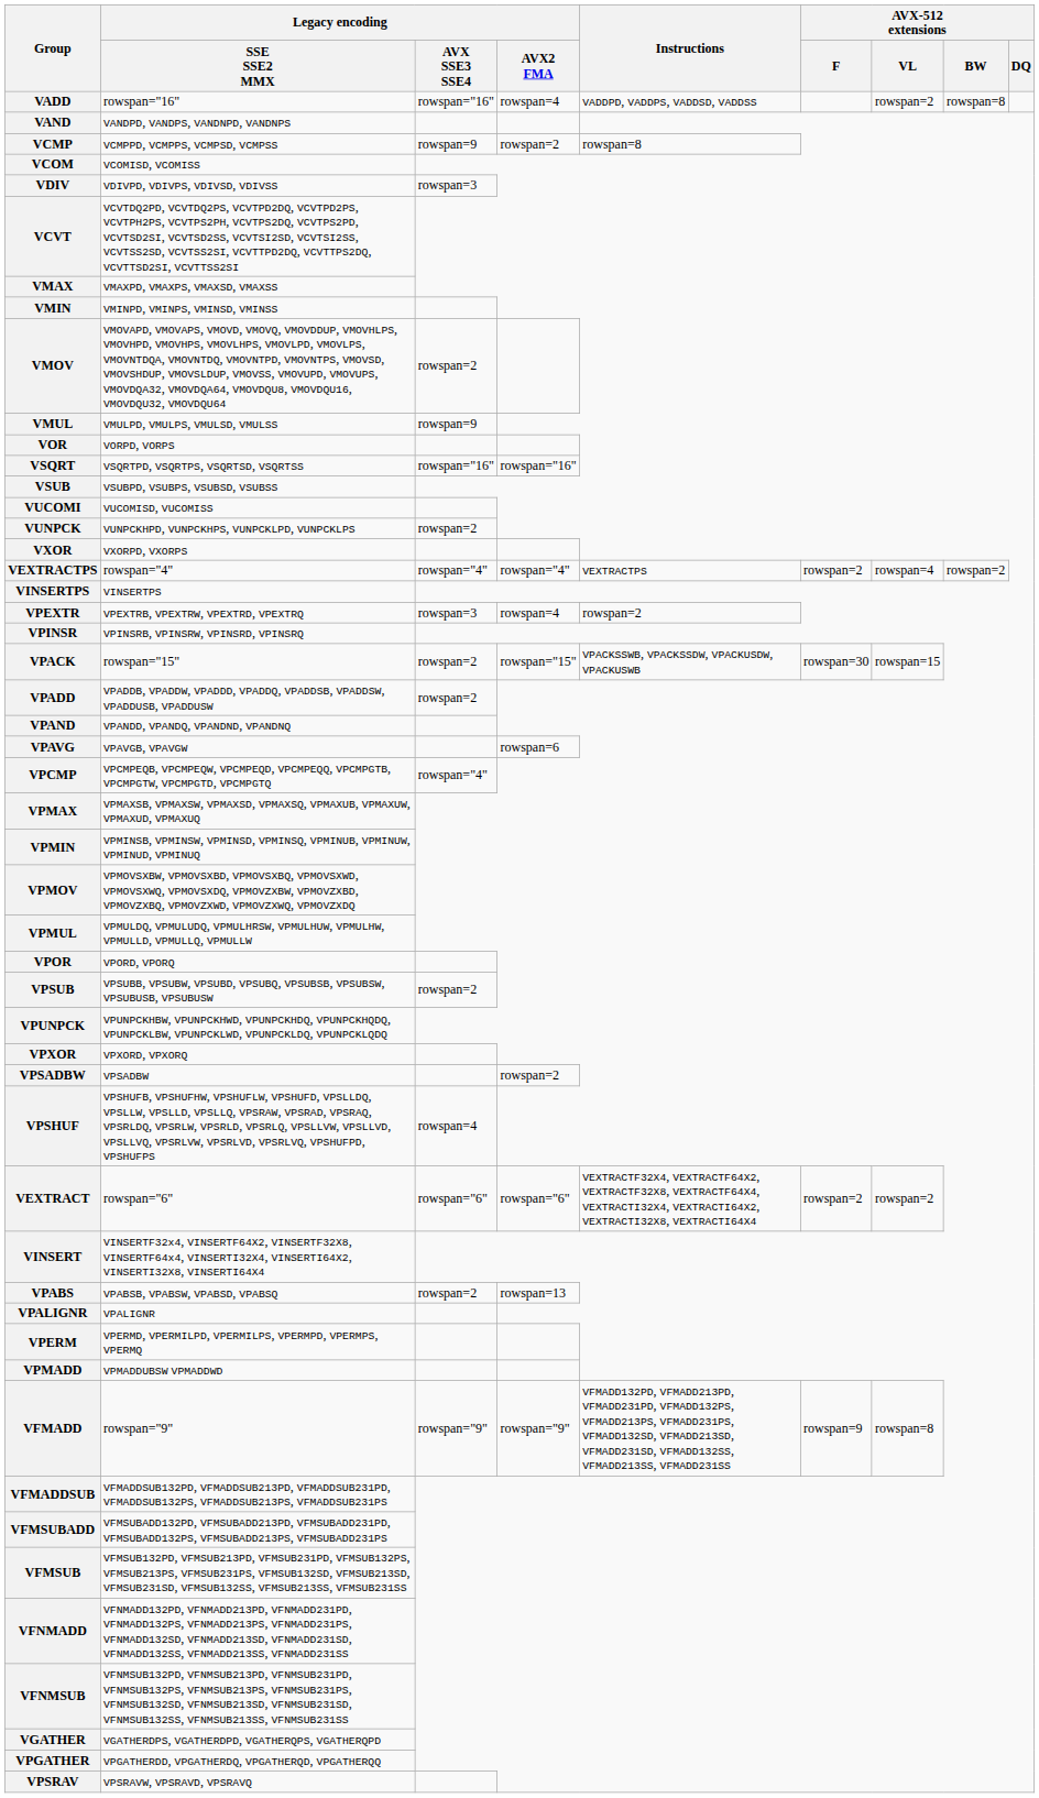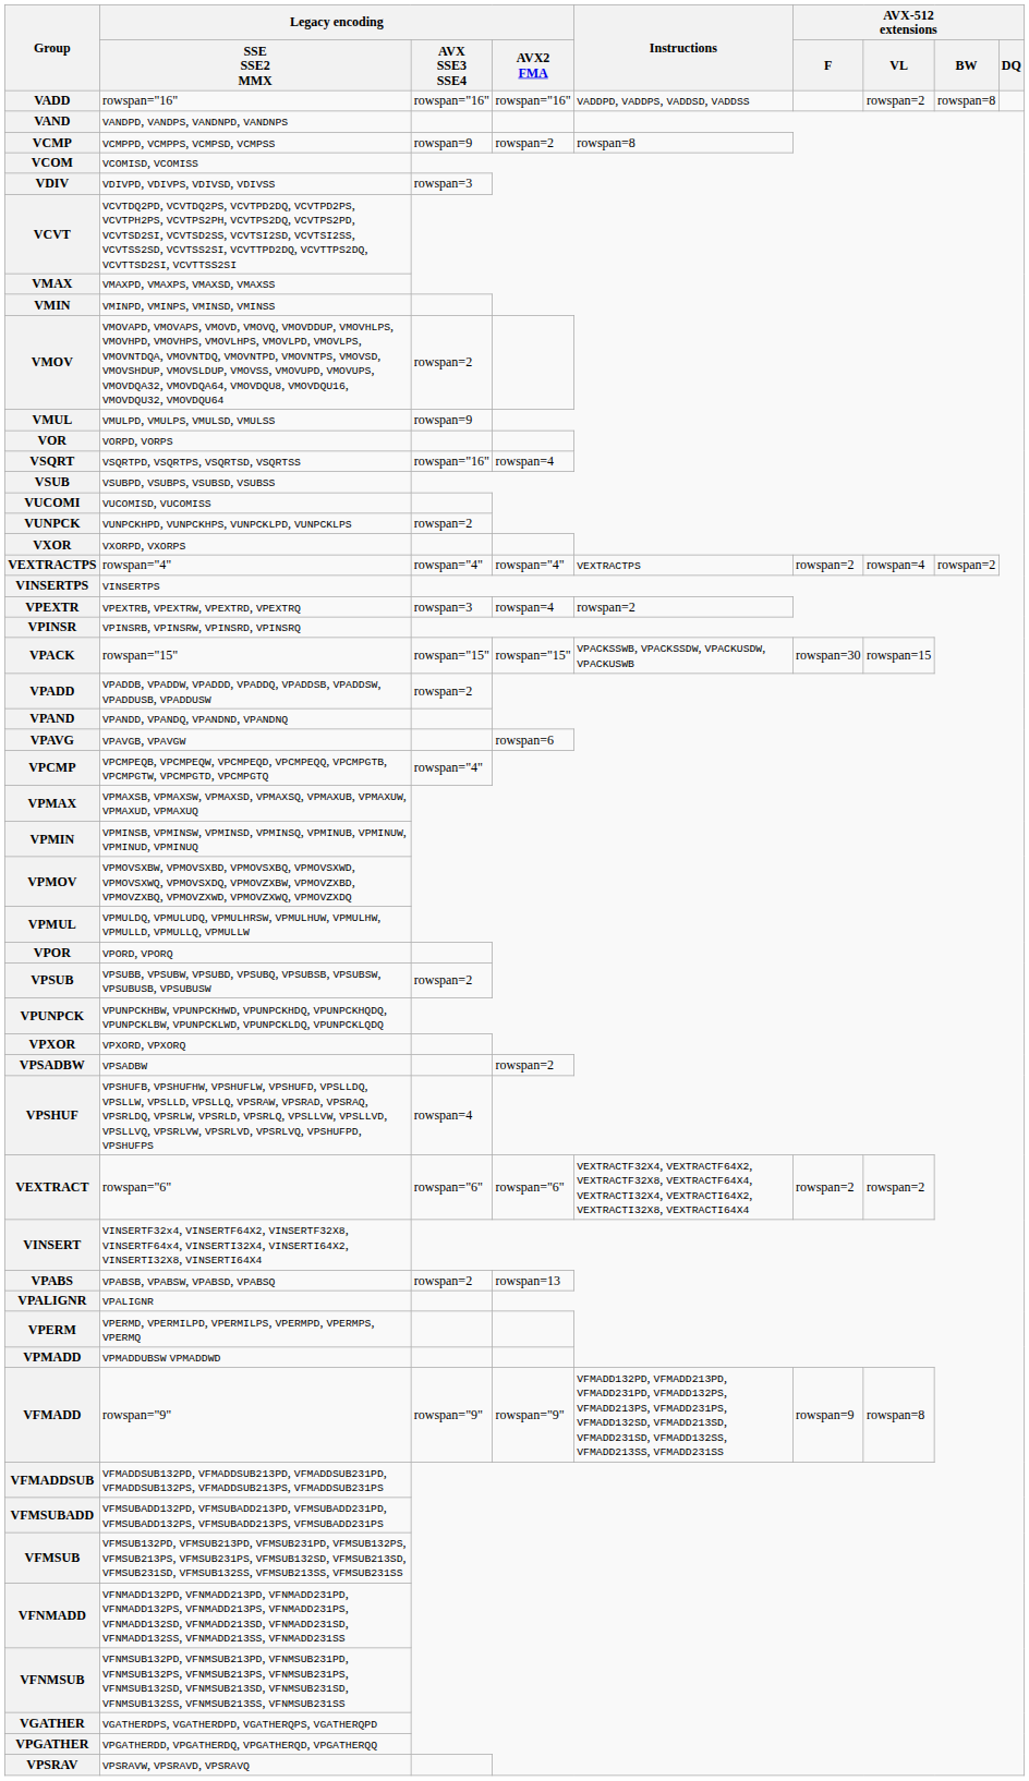 <table class="wikitable sortable plainrowheaders sort-under">
 <tr>
 <th scope="col" rowspan="2">Group</th>
 <th scope="col" colspan="3">Legacy encoding</th>
 <th scope="col" rowspan="2" class="unsortable">Instructions</th>
 <th scope="col" colspan="4">AVX-512<br>extensions</th>
 </tr>
 <tr>
 <th scope="col">SSE<br>SSE2 <br>MMX</th>
 <th scope="col">AVX<br>SSE3<br>SSE4</th>
 <th scope="col">AVX2<br><a href='#'>FMA</a></th>
 <th scope="col">F</th>
 <th scope="col">VL</th>
 <th scope="col">BW</th>
 <th scope="col">DQ</th>
 </tr>
 <tr>
 <th scope="row">VADD</th>
 <td>rowspan="16" </td>
 <td>rowspan="16" </td>
-<td>rowspan=4 </td>
+<td>rowspan="16" </td>
 <td><code>VADDPD</code>, <code>VADDPS</code>, <code>VADDSD</code>, <code>VADDSS</code></td>
 <td></td>
 <td>rowspan=2 </td>
 <td>rowspan=8 </td>
 <td></td>
 </tr>
 <tr>
 <th scope="row">VAND</th>
 <td><code>VANDPD</code>, <code>VANDPS</code>, <code>VANDNPD</code>, <code>VANDNPS</code></td>
 <td></td>
 <td></td>
 </tr>
 <tr>
 <th scope="row">VCMP</th>
 <td><code>VCMPPD</code>, <code>VCMPPS</code>, <code>VCMPSD</code>, <code>VCMPSS</code></td>
 <td>rowspan=9 </td>
 <td>rowspan=2 </td>
 <td>rowspan=8 </td>
 </tr>
 <tr>
 <th scope="row">VCOM</th>
 <td><code>VCOMISD</code>, <code>VCOMISS</code></td>
 </tr>
 <tr>
 <th scope="row">VDIV</th>
 <td><code>VDIVPD</code>, <code>VDIVPS</code>, <code>VDIVSD</code>, <code>VDIVSS</code></td>
 <td>rowspan=3 </td>
 </tr>
 <tr>
 <th scope="row">VCVT</th>
 <td><code>VCVTDQ2PD</code>, <code>VCVTDQ2PS</code>, <code>VCVTPD2DQ</code>, <code>VCVTPD2PS</code>, <code>VCVTPH2PS</code>, <code>VCVTPS2PH</code>, <code>VCVTPS2DQ</code>, <code>VCVTPS2PD</code>, <code>VCVTSD2SI</code>, <code>VCVTSD2SS</code>, <code>VCVTSI2SD</code>, <code>VCVTSI2SS</code>, <code>VCVTSS2SD</code>, <code>VCVTSS2SI</code>, <code>VCVTTPD2DQ</code>, <code>VCVTTPS2DQ</code>, <code>VCVTTSD2SI</code>, <code>VCVTTSS2SI</code></td>
 </tr>
 <tr>
 <th scope="row">VMAX</th>
 <td><code>VMAXPD</code>, <code>VMAXPS</code>, <code>VMAXSD</code>, <code>VMAXSS</code></td>
 </tr>
 <tr>
 <th scope="row">VMIN</th>
 <td><code>VMINPD</code>, <code>VMINPS</code>, <code>VMINSD</code>, <code>VMINSS</code></td>
 <td></td>
 </tr>
 <tr>
 <th scope="row">VMOV</th>
 <td><code>VMOVAPD</code>, <code>VMOVAPS</code>, <code>VMOVD</code>, <code>VMOVQ</code>, <code>VMOVDDUP</code>, <code>VMOVHLPS</code>, <code>VMOVHPD</code>, <code>VMOVHPS</code>, <code>VMOVLHPS</code>, <code>VMOVLPD</code>, <code>VMOVLPS</code>, <code>VMOVNTDQA</code>, <code>VMOVNTDQ</code>, <code>VMOVNTPD</code>, <code>VMOVNTPS</code>, <code>VMOVSD</code>, <code>VMOVSHDUP</code>, <code>VMOVSLDUP</code>, <code>VMOVSS</code>, <code>VMOVUPD</code>, <code>VMOVUPS</code>, <code>VMOVDQA32</code>, <code>VMOVDQA64</code>, <code>VMOVDQU8</code>, <code>VMOVDQU16</code>, <code>VMOVDQU32</code>, <code>VMOVDQU64</code></td>
 <td>rowspan=2 </td>
 <td></td>
 </tr>
 <tr>
 <th scope="row">VMUL</th>
 <td><code>VMULPD</code>, <code>VMULPS</code>, <code>VMULSD</code>, <code>VMULSS</code></td>
 <td>rowspan=9 </td>
 </tr>
 <tr>
 <th scope="row">VOR</th>
 <td><code>VORPD</code>, <code>VORPS</code></td>
 <td></td>
 <td></td>
 </tr>
 <tr>
 <th scope="row">VSQRT</th>
 <td><code>VSQRTPD</code>, <code>VSQRTPS</code>, <code>VSQRTSD</code>, <code>VSQRTSS</code></td>
 <td>rowspan="16" </td>
-<td>rowspan="16" </td>
+<td>rowspan=4 </td>
 </tr>
 <tr>
 <th scope="row">VSUB</th>
 <td><code>VSUBPD</code>, <code>VSUBPS</code>, <code>VSUBSD</code>, <code>VSUBSS</code></td>
 </tr>
 <tr>
 <th scope="row">VUCOMI</th>
 <td><code>VUCOMISD</code>, <code>VUCOMISS</code></td>
 <td></td>
 </tr>
 <tr>
 <th scope="row">VUNPCK</th>
 <td><code>VUNPCKHPD</code>, <code>VUNPCKHPS</code>, <code>VUNPCKLPD</code>, <code>VUNPCKLPS</code></td>
 <td>rowspan=2 </td>
 </tr>
 <tr>
 <th scope="row">VXOR</th>
 <td><code>VXORPD</code>, <code>VXORPS</code></td>
 <td></td>
 <td></td>
 </tr>
 <tr>
 <th scope="row">VEXTRACTPS</th>
 <td>rowspan="4" </td>
 <td>rowspan="4" </td>
 <td>rowspan="4" </td>
 <td><code>VEXTRACTPS</code></td>
 <td>rowspan=2 </td>
 <td>rowspan=4 </td>
 <td>rowspan=2 </td>
 </tr>
 <tr>
 <th scope="row">VINSERTPS</th>
 <td><code>VINSERTPS</code></td>
 </tr>
 <tr>
 <th scope="row">VPEXTR</th>
 <td><code>VPEXTRB</code>, <code>VPEXTRW</code>, <code>VPEXTRD</code>, <code>VPEXTRQ</code></td>
 <td>rowspan=3 </td>
 <td>rowspan=4 </td>
 <td>rowspan=2 </td>
 </tr>
 <tr>
 <th scope="row">VPINSR</th>
 <td><code>VPINSRB</code>, <code>VPINSRW</code>, <code>VPINSRD</code>, <code>VPINSRQ</code></td>
 </tr>
 <tr>
 <th scope="row">VPACK</th>
 <td>rowspan="15" </td>
-<td>rowspan=2 </td>
+<td>rowspan="15" </td>
 <td>rowspan="15" </td>
 <td><code>VPACKSSWB</code>, <code>VPACKSSDW</code>, <code>VPACKUSDW</code>, <code>VPACKUSWB</code></td>
 <td>rowspan=30 </td>
 <td>rowspan=15 </td>
 </tr>
 <tr>
 <th scope="row">VPADD</th>
 <td><code>VPADDB</code>, <code>VPADDW</code>, <code>VPADDD</code>, <code>VPADDQ</code>, <code>VPADDSB</code>, <code>VPADDSW</code>, <code>VPADDUSB</code>, <code>VPADDUSW</code></td>
 <td>rowspan=2 </td>
 </tr>
 <tr>
 <th scope="row">VPAND</th>
 <td><code>VPANDD</code>, <code>VPANDQ</code>, <code>VPANDND</code>, <code>VPANDNQ</code></td>
 <td></td>
 </tr>
 <tr>
 <th scope="row">VPAVG</th>
 <td><code>VPAVGB</code>, <code>VPAVGW</code></td>
 <td></td>
 <td>rowspan=6 </td>
 </tr>
 <tr>
 <th scope="row">VPCMP</th>
 <td><code>VPCMPEQB</code>, <code>VPCMPEQW</code>, <code>VPCMPEQD</code>, <code>VPCMPEQQ</code>, <code>VPCMPGTB</code>, <code>VPCMPGTW</code>, <code>VPCMPGTD</code>, <code>VPCMPGTQ</code></td>
 <td>rowspan="4" </td>
 </tr>
 <tr>
 <th scope="row">VPMAX</th>
 <td><code>VPMAXSB</code>, <code>VPMAXSW</code>, <code>VPMAXSD</code>, <code>VPMAXSQ</code>, <code>VPMAXUB</code>, <code>VPMAXUW</code>, <code>VPMAXUD</code>, <code>VPMAXUQ</code></td>
 </tr>
 <tr>
 <th scope="row">VPMIN</th>
 <td><code>VPMINSB</code>, <code>VPMINSW</code>, <code>VPMINSD</code>, <code>VPMINSQ</code>, <code>VPMINUB</code>, <code>VPMINUW</code>, <code>VPMINUD</code>, <code>VPMINUQ</code></td>
 </tr>
 <tr>
 <th scope="row">VPMOV</th>
 <td><code>VPMOVSXBW</code>, <code>VPMOVSXBD</code>, <code>VPMOVSXBQ</code>, <code>VPMOVSXWD</code>, <code>VPMOVSXWQ</code>, <code>VPMOVSXDQ</code>, <code>VPMOVZXBW</code>, <code>VPMOVZXBD</code>, <code>VPMOVZXBQ</code>, <code>VPMOVZXWD</code>, <code>VPMOVZXWQ</code>, <code>VPMOVZXDQ</code></td>
 </tr>
 <tr>
 <th scope="row">VPMUL</th>
 <td><code>VPMULDQ</code>, <code>VPMULUDQ</code>, <code>VPMULHRSW</code>, <code>VPMULHUW</code>, <code>VPMULHW</code>, <code>VPMULLD</code>, <code>VPMULLQ</code>, <code>VPMULLW</code></td>
 </tr>
 <tr>
 <th scope="row">VPOR</th>
 <td><code>VPORD</code>, <code>VPORQ</code></td>
 <td></td>
 </tr>
 <tr>
 <th scope="row">VPSUB</th>
 <td><code>VPSUBB</code>, <code>VPSUBW</code>, <code>VPSUBD</code>, <code>VPSUBQ</code>, <code>VPSUBSB</code>, <code>VPSUBSW</code>, <code>VPSUBUSB</code>, <code>VPSUBUSW</code></td>
 <td>rowspan=2 </td>
 </tr>
 <tr>
 <th scope="row">VPUNPCK</th>
 <td><code>VPUNPCKHBW</code>, <code>VPUNPCKHWD</code>, <code>VPUNPCKHDQ</code>, <code>VPUNPCKHQDQ</code>, <code>VPUNPCKLBW</code>, <code>VPUNPCKLWD</code>, <code>VPUNPCKLDQ</code>, <code>VPUNPCKLQDQ</code></td>
 </tr>
 <tr>
 <th scope="row">VPXOR</th>
 <td><code>VPXORD</code>, <code>VPXORQ</code></td>
 <td></td>
 </tr>
 <tr>
 <th scope="row">VPSADBW</th>
 <td><code>VPSADBW</code></td>
 <td></td>
 <td>rowspan=2 </td>
 </tr>
 <tr>
 <th scope="row">VPSHUF</th>
 <td><code>VPSHUFB</code>, <code>VPSHUFHW</code>, <code>VPSHUFLW</code>, <code>VPSHUFD</code>, <code>VPSLLDQ</code>, <code>VPSLLW</code>, <code>VPSLLD</code>, <code>VPSLLQ</code>, <code>VPSRAW</code>, <code>VPSRAD</code>, <code>VPSRAQ</code>, <code>VPSRLDQ</code>, <code>VPSRLW</code>, <code>VPSRLD</code>, <code>VPSRLQ</code>, <code>VPSLLVW</code>, <code>VPSLLVD</code>, <code>VPSLLVQ</code>, <code>VPSRLVW</code>, <code>VPSRLVD</code>, <code>VPSRLVQ</code>, <code>VPSHUFPD</code>, <code>VPSHUFPS</code></td>
 <td>rowspan=4 </td>
 </tr>
 <tr>
 <th scope="row">VEXTRACT</th>
 <td>rowspan="6" </td>
 <td>rowspan="6" </td>
 <td>rowspan="6" </td>
 <td><code>VEXTRACTF32X4</code>, <code>VEXTRACTF64X2</code>, <code>VEXTRACTF32X8</code>, <code>VEXTRACTF64X4</code>, <code>VEXTRACTI32X4</code>, <code>VEXTRACTI64X2</code>, <code>VEXTRACTI32X8</code>, <code>VEXTRACTI64X4</code></td>
 <td>rowspan=2 </td>
 <td>rowspan=2 </td>
 </tr>
 <tr>
 <th scope="row">VINSERT</th>
 <td><code>VINSERTF32x4</code>, <code>VINSERTF64X2</code>, <code>VINSERTF32X8</code>, <code> VINSERTF64x4</code>, <code>VINSERTI32X4</code>, <code>VINSERTI64X2</code>, <code>VINSERTI32X8</code>, <code>VINSERTI64X4</code></td>
 </tr>
 <tr>
 <th scope="row">VPABS</th>
 <td><code>VPABSB</code>, <code>VPABSW</code>, <code>VPABSD</code>, <code>VPABSQ</code></td>
 <td>rowspan=2 </td>
 <td>rowspan=13 </td>
 </tr>
 <tr>
 <th scope="row">VPALIGNR</th>
 <td><code>VPALIGNR</code></td>
 <td></td>
 </tr>
 <tr>
 <th scope="row">VPERM</th>
 <td><code>VPERMD</code>, <code>VPERMILPD</code>, <code>VPERMILPS</code>, <code>VPERMPD</code>, <code>VPERMPS</code>, <code>VPERMQ</code></td>
 <td></td>
 <td></td>
 </tr>
 <tr>
 <th scope="row">VPMADD</th>
 <td><code>VPMADDUBSW</code> <code>VPMADDWD</code></td>
 <td></td>
 <td></td>
 </tr>
 <tr>
 <th scope="row">VFMADD</th>
 <td>rowspan="9" </td>
 <td>rowspan="9" </td>
 <td>rowspan="9" </td>
 <td><code>VFMADD132PD</code>, <code>VFMADD213PD</code>, <code>VFMADD231PD</code>, <code>VFMADD132PS</code>, <code>VFMADD213PS</code>, <code>VFMADD231PS</code>, <code>VFMADD132SD</code>, <code>VFMADD213SD</code>, <code>VFMADD231SD</code>, <code>VFMADD132SS</code>, <code>VFMADD213SS</code>, <code>VFMADD231SS</code></td>
 <td>rowspan=9 </td>
 <td>rowspan=8 </td>
 </tr>
 <tr>
 <th scope="row">VFMADDSUB</th>
 <td><code>VFMADDSUB132PD</code>, <code>VFMADDSUB213PD</code>, <code>VFMADDSUB231PD</code>, <code>VFMADDSUB132PS</code>, <code>VFMADDSUB213PS</code>, <code>VFMADDSUB231PS</code></td>
 </tr>
 <tr>
 <th scope="row">VFMSUBADD</th>
 <td><code>VFMSUBADD132PD</code>, <code>VFMSUBADD213PD</code>, <code>VFMSUBADD231PD</code>, <code>VFMSUBADD132PS</code>, <code>VFMSUBADD213PS</code>, <code>VFMSUBADD231PS</code></td>
 </tr>
 <tr>
 <th scope="row">VFMSUB</th>
 <td><code>VFMSUB132PD</code>, <code>VFMSUB213PD</code>, <code>VFMSUB231PD</code>, <code>VFMSUB132PS</code>, <code>VFMSUB213PS</code>, <code>VFMSUB231PS</code>, <code>VFMSUB132SD</code>, <code>VFMSUB213SD</code>, <code>VFMSUB231SD</code>, <code>VFMSUB132SS</code>, <code>VFMSUB213SS</code>, <code>VFMSUB231SS</code></td>
 </tr>
 <tr>
 <th scope="row">VFNMADD</th>
 <td><code>VFNMADD132PD</code>, <code>VFNMADD213PD</code>, <code>VFNMADD231PD</code>, <code>VFNMADD132PS</code>, <code>VFNMADD213PS</code>, <code>VFNMADD231PS</code>, <code>VFNMADD132SD</code>, <code>VFNMADD213SD</code>, <code>VFNMADD231SD</code>, <code>VFNMADD132SS</code>, <code>VFNMADD213SS</code>, <code>VFNMADD231SS</code></td>
 </tr>
 <tr>
 <th scope="row">VFNMSUB</th>
 <td><code>VFNMSUB132PD</code>, <code>VFNMSUB213PD</code>, <code>VFNMSUB231PD</code>, <code>VFNMSUB132PS</code>, <code>VFNMSUB213PS</code>, <code>VFNMSUB231PS</code>, <code>VFNMSUB132SD</code>, <code>VFNMSUB213SD</code>, <code>VFNMSUB231SD</code>, <code>VFNMSUB132SS</code>, <code>VFNMSUB213SS</code>, <code>VFNMSUB231SS</code></td>
 </tr>
 <tr>
 <th scope="row">VGATHER</th>
 <td><code>VGATHERDPS</code>, <code>VGATHERDPD</code>, <code>VGATHERQPS</code>, <code>VGATHERQPD</code></td>
 </tr>
 <tr>
 <th scope="row">VPGATHER</th>
 <td><code>VPGATHERDD</code>, <code>VPGATHERDQ</code>, <code>VPGATHERQD</code>, <code>VPGATHERQQ</code></td>
 </tr>
 <tr>
 <th scope="row">VPSRAV</th>
 <td><code>VPSRAVW</code>, <code>VPSRAVD</code>, <code>VPSRAVQ</code></td>
 <td></td>
 </tr>
 </table>
